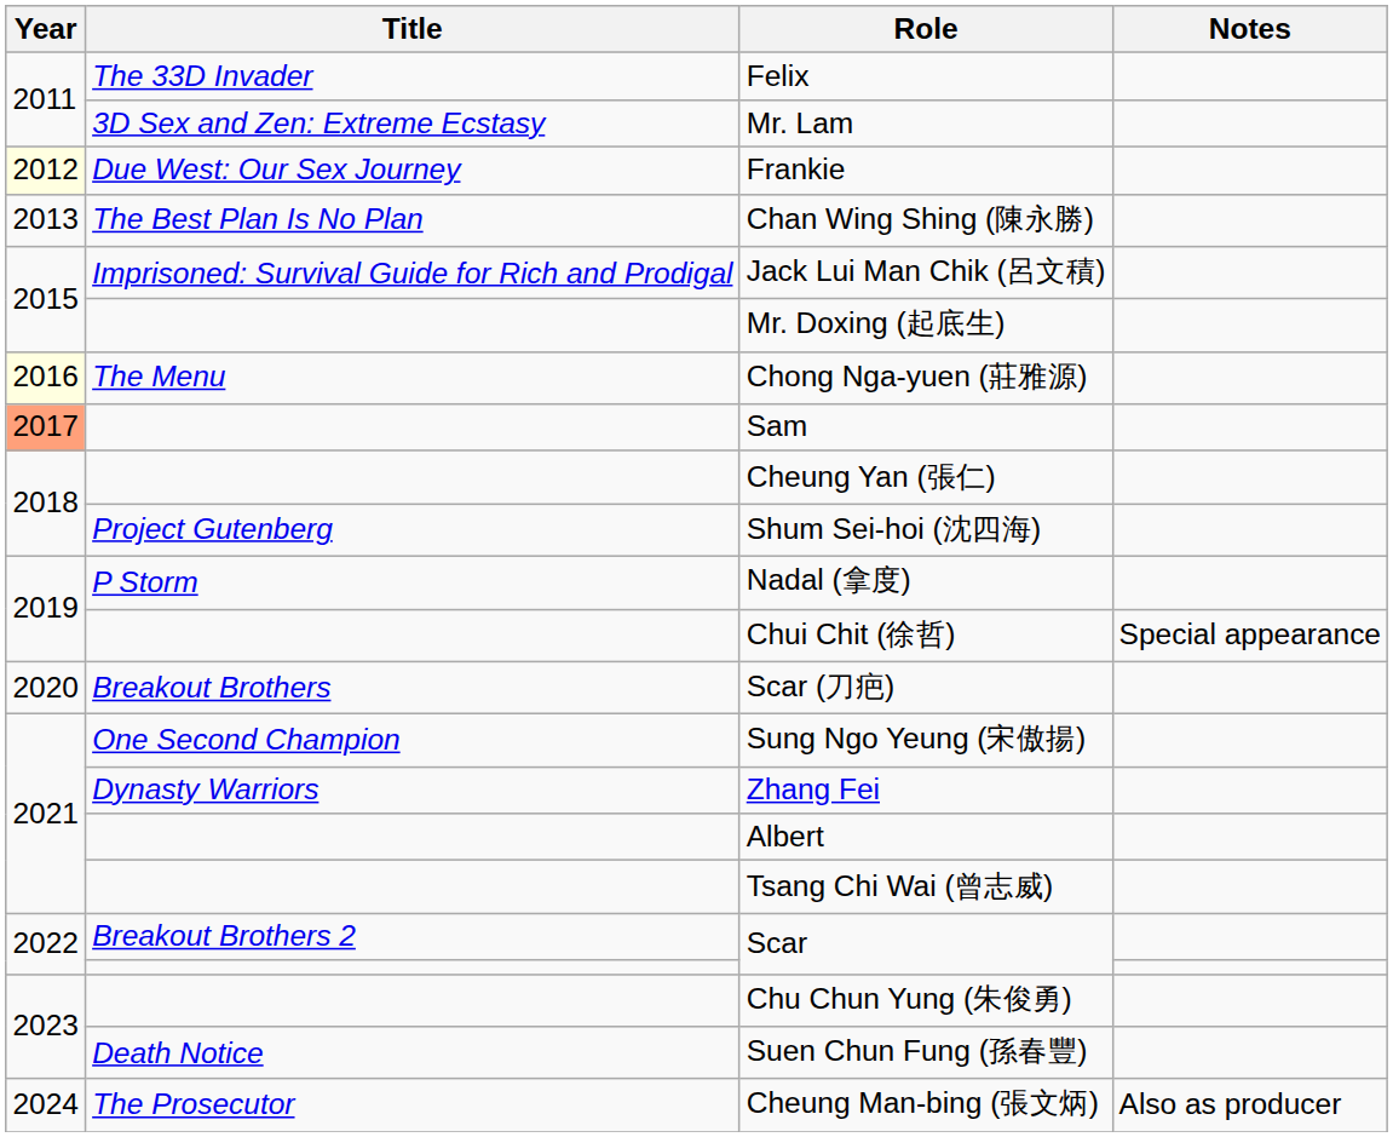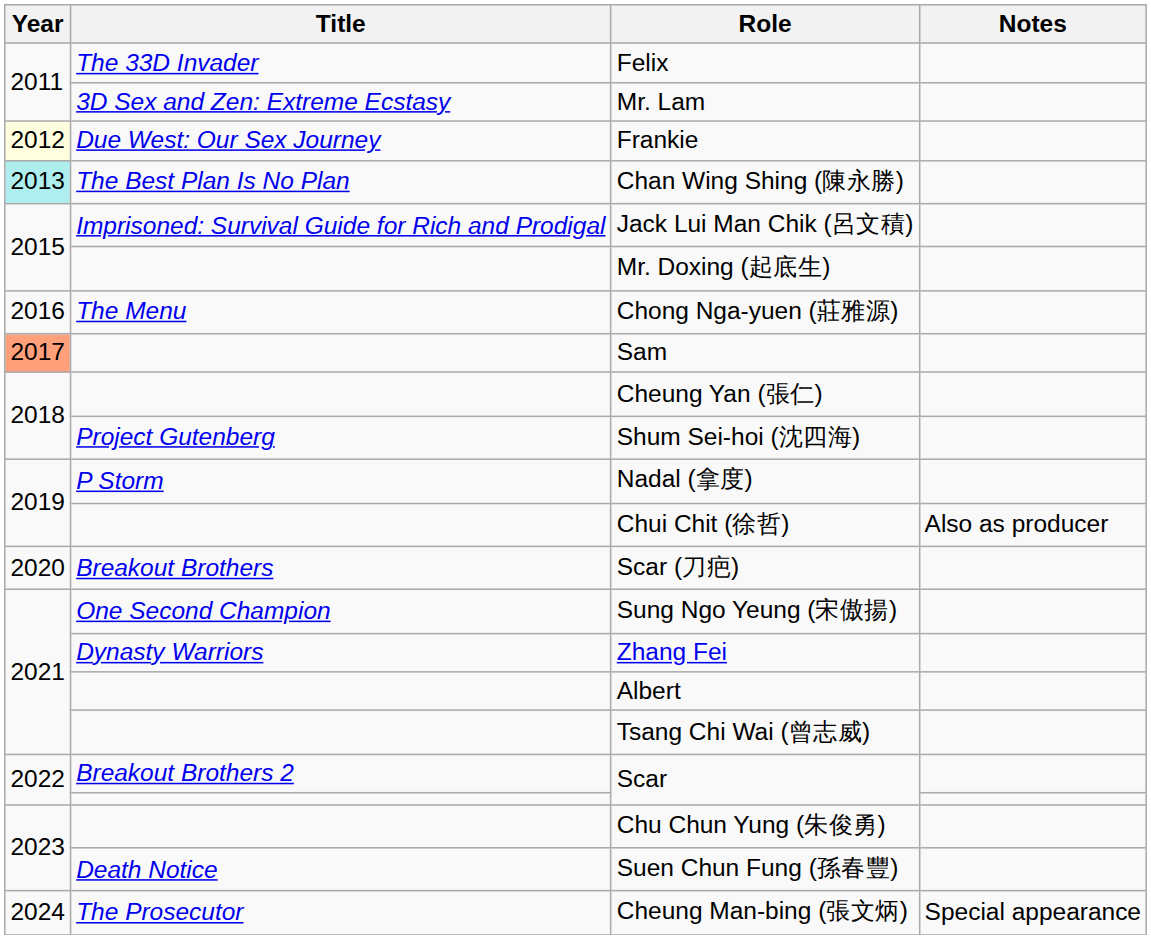 <table class="wikitable">
 <tr>
 <th>Year</th>
 <th>Title</th>
 <th>Role</th>
 <th>Notes</th>
 </tr>
 <tr>
 <td rowspan="2">2011</td>
 <td><em><a href='#'>The 33D Invader</a></em></td>
 <td>Felix</td>
 <td></td>
 </tr>
 <tr>
 <td><em><a href='#'>3D Sex and Zen: Extreme Ecstasy</a></em></td>
 <td>Mr. Lam</td>
 <td></td>
 </tr>
 <tr>
 <td style="background: lightyellow;">2012</td>
 <td><em><a href='#'>Due West: Our Sex Journey</a></em></td>
 <td>Frankie</td>
 <td></td>
 </tr>
 <tr>
-<td>2013</td>
+<td style="background: paleturquoise;">2013</td>
 <td><em><a href='#'>The Best Plan Is No Plan</a></em></td>
 <td>Chan Wing Shing (陳永勝)</td>
 <td></td>
 </tr>
 <tr>
 <td rowspan="2">2015</td>
 <td><em><a href='#'>Imprisoned: Survival Guide for Rich and Prodigal</a></em></td>
 <td>Jack Lui Man Chik (呂文積)</td>
 <td></td>
 </tr>
 <tr>
 <td><em></em></td>
 <td>Mr. Doxing (起底生)</td>
 <td></td>
 </tr>
 <tr>
-<td style="background: lightyellow;">2016</td>
+<td>2016</td>
 <td><em><a href='#'>The Menu</a></em></td>
 <td>Chong Nga-yuen (莊雅源)</td>
 <td></td>
 </tr>
 <tr>
 <td style="background: lightsalmon;">2017</td>
 <td><em></em></td>
 <td>Sam</td>
 <td></td>
 </tr>
 <tr>
 <td rowspan="2">2018</td>
 <td><em></em></td>
 <td>Cheung Yan (張仁)</td>
 <td></td>
 </tr>
 <tr>
 <td><em><a href='#'>Project Gutenberg</a></em></td>
 <td>Shum Sei-hoi (沈四海)</td>
 <td></td>
 </tr>
 <tr>
 <td rowspan="2">2019</td>
 <td><em><a href='#'>P Storm</a></em></td>
 <td>Nadal (拿度)</td>
 <td></td>
 </tr>
 <tr>
 <td><em></em></td>
 <td>Chui Chit (徐哲)</td>
-<td>Special appearance</td>
+<td>Also as producer</td>
 </tr>
 <tr>
 <td>2020</td>
 <td><em><a href='#'>Breakout Brothers</a></em></td>
 <td>Scar (刀疤)</td>
 <td></td>
 </tr>
 <tr>
 <td rowspan="4">2021</td>
 <td><em><a href='#'>One Second Champion</a></em></td>
 <td>Sung Ngo Yeung (宋傲揚)</td>
 <td></td>
 </tr>
 <tr>
 <td><em><a href='#'>Dynasty Warriors</a></em></td>
 <td><a href='#'>Zhang Fei</a></td>
 <td></td>
 </tr>
 <tr>
 <td><em></em></td>
 <td>Albert</td>
 <td></td>
 </tr>
 <tr>
 <td><em></em></td>
 <td>Tsang Chi Wai (曾志威)</td>
 <td></td>
 </tr>
 <tr>
 <td rowspan="2">2022</td>
 <td><em><a href='#'>Breakout Brothers 2</a></em></td>
 <td rowspan="2">Scar</td>
 <td></td>
 </tr>
 <tr>
 <td><em></em></td>
 <td></td>
 </tr>
 <tr>
 <td rowspan="2">2023</td>
 <td><em></em></td>
 <td>Chu Chun Yung (朱俊勇)</td>
 <td></td>
 </tr>
 <tr>
 <td><em><a href='#'>Death Notice</a></em></td>
 <td>Suen Chun Fung (孫春豐)</td>
 <td></td>
 </tr>
 <tr>
 <td>2024</td>
 <td><em><a href='#'>The Prosecutor</a></em></td>
 <td>Cheung Man-bing (張文炳)</td>
-<td>Also as producer</td>
+<td>Special appearance</td>
 </tr>
 </table>
